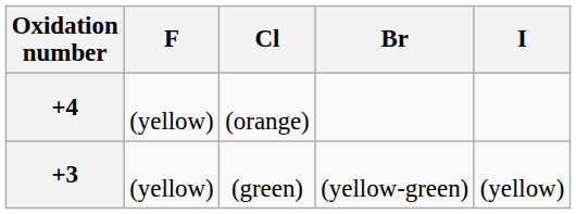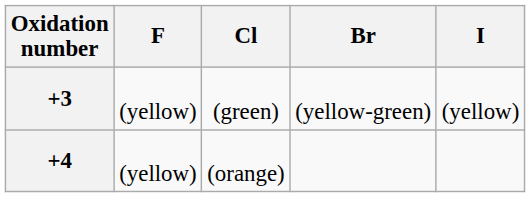 <table Class = "wikitable" style ="float:right; text-align: center; text-size:90%">
 <tr>
 <th>Oxidation <br>number</th>
 <th>F</th>
 <th>Cl</th>
 <th>Br</th>
 <th>I</th>
 </tr>
 <tr>
+<th>+3</th>
+<td><br> (yellow)</td>
+<td><br> (green)<br></td>
+<td><br>(yellow-green)</td>
+<td><br> (yellow)</td>
+</tr>
+<tr>
 <th>+4</th>
 <td><br> (yellow)</td>
 <td><br>(orange)</td>
 <td></td>
 <td></td>
 </tr>
-<tr>
-<th>+3</th>
-<td><br> (yellow)</td>
-<td><br> (green)<br></td>
-<td><br>(yellow-green)</td>
-<td><br> (yellow)</td>
-</tr>
 </table>
